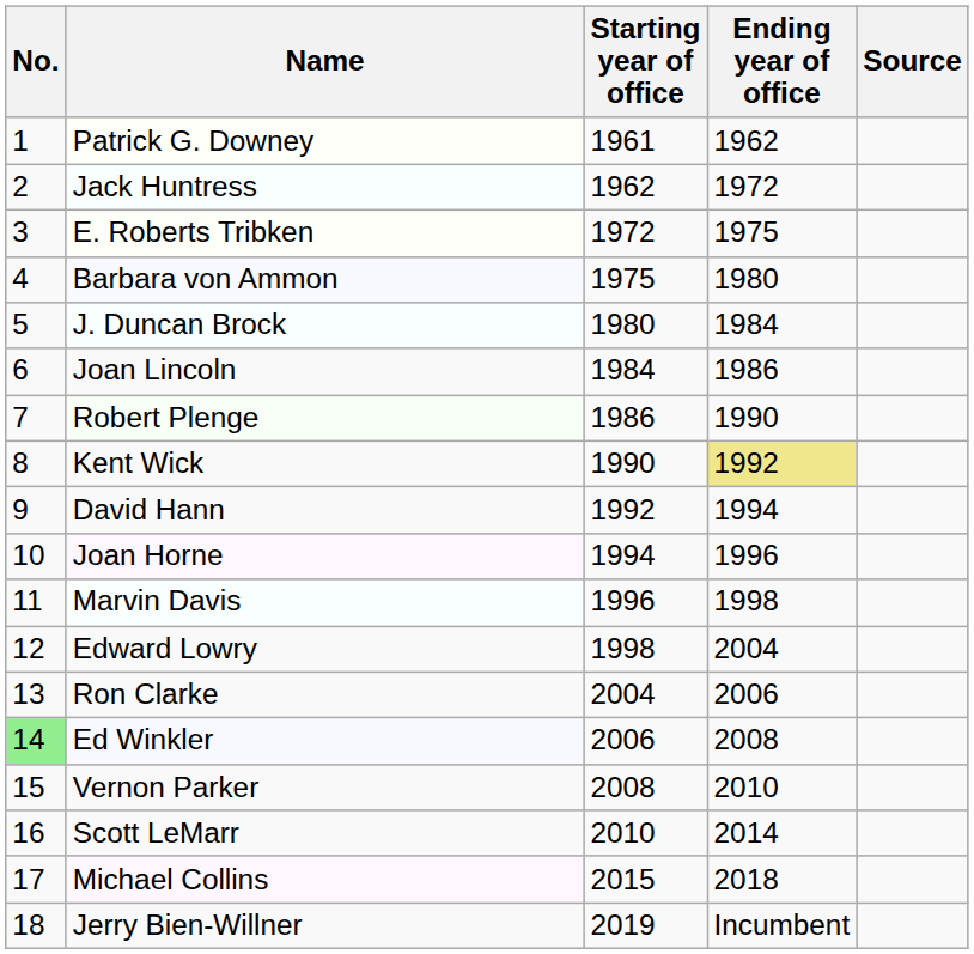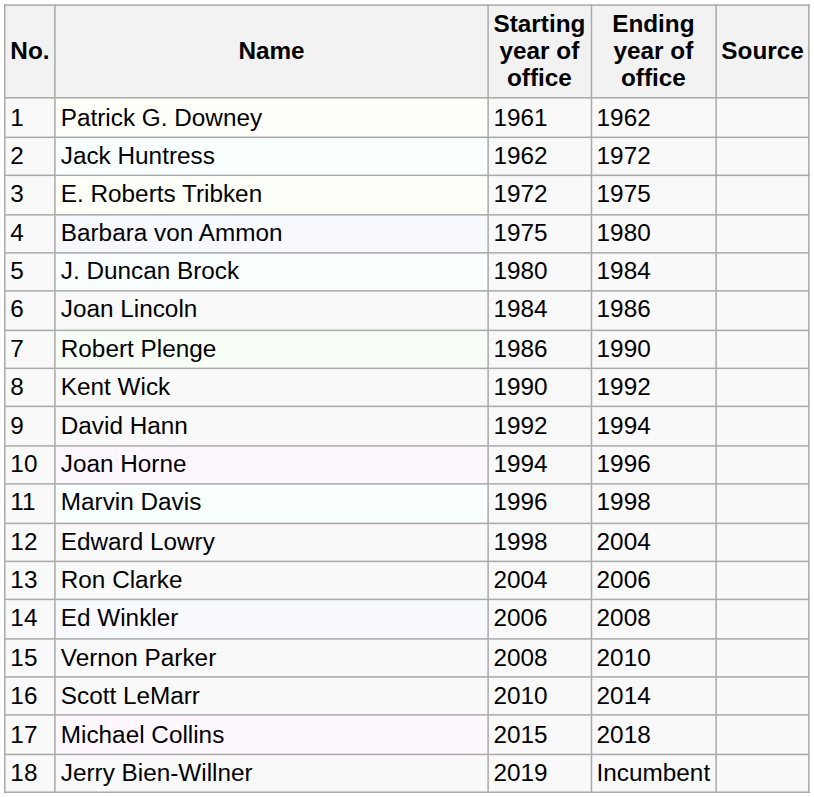 <table class="wikitable" style="float:left; width:60%">
 <tr>
 <th width="5%">No.</th>
 <th style-"width:60%">Name</th>
 <th style="width:10%;">Starting year of office</th>
 <th style="width:10%">Ending year of office</th>
 <th style="width:5%">Source</th>
 </tr>
 <tr>
 <td>1</td>
 <td bgcolor=#fffff9>Patrick G. Downey</td>
 <td>1961</td>
 <td>1962</td>
 <td></td>
 </tr>
 <tr>
 <td>2</td>
 <td bgcolor=#f9ffff>Jack Huntress</td>
 <td>1962</td>
 <td>1972</td>
 <td></td>
 </tr>
 <tr>
 <td>3</td>
 <td bgcolor=#fffff9>E. Roberts Tribken</td>
 <td>1972</td>
 <td>1975</td>
 <td></td>
 </tr>
 <tr>
 <td>4</td>
 <td style="background:ghostwhite">Barbara von Ammon</td>
 <td>1975</td>
 <td>1980</td>
 <td></td>
 </tr>
 <tr>
 <td>5</td>
 <td bgcolor=#f9ffff>J. Duncan Brock</td>
 <td>1980</td>
 <td>1984</td>
 <td></td>
 </tr>
 <tr>
 <td>6</td>
 <td>Joan Lincoln</td>
 <td>1984</td>
 <td>1986</td>
 <td></td>
 </tr>
 <tr>
 <td>7</td>
 <td bgcolor=#f7fff7>Robert Plenge</td>
 <td>1986</td>
 <td>1990</td>
 <td></td>
 </tr>
 <tr>
 <td>8</td>
 <td>Kent Wick</td>
 <td>1990</td>
-<td style="background: khaki;">1992</td>
+<td>1992</td>
 <td></td>
 </tr>
 <tr>
 <td>9</td>
 <td>David Hann</td>
 <td>1992</td>
 <td>1994</td>
 <td></td>
 </tr>
 <tr>
 <td>10</td>
 <td bgcolor=#fff7ff>Joan Horne</td>
 <td>1994</td>
 <td>1996</td>
 <td></td>
 </tr>
 <tr>
 <td>11</td>
 <td bgcolor=#f9ffff>Marvin Davis</td>
 <td>1996</td>
 <td>1998</td>
 <td></td>
 </tr>
 <tr>
 <td>12</td>
 <td>Edward Lowry</td>
 <td>1998</td>
 <td>2004</td>
 <td></td>
 </tr>
 <tr>
 <td>13</td>
 <td>Ron Clarke</td>
 <td>2004</td>
 <td>2006</td>
 <td></td>
 </tr>
 <tr>
-<td style="background: lightgreen;">14</td>
+<td>14</td>
 <td style="background:ghostwhite">Ed Winkler</td>
 <td>2006</td>
 <td>2008</td>
 <td></td>
 </tr>
 <tr>
 <td>15</td>
 <td>Vernon Parker</td>
 <td>2008</td>
 <td>2010</td>
 <td></td>
 </tr>
 <tr>
 <td>16</td>
 <td>Scott LeMarr</td>
 <td>2010</td>
 <td>2014</td>
 <td></td>
 </tr>
 <tr>
 <td>17</td>
 <td bgcolor=#fff7ff>Michael Collins</td>
 <td>2015</td>
 <td>2018</td>
 <td></td>
 </tr>
 <tr>
 <td>18</td>
 <td>Jerry Bien-Willner</td>
 <td>2019</td>
 <td>Incumbent</td>
 <td></td>
 </tr>
 <tr>
 </tr>
 </table>
